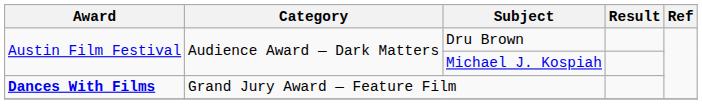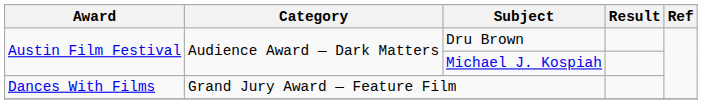 <table class="wikitable">
 <tr>
 <th>Award</th>
 <th>Category</th>
 <th>Subject</th>
 <th>Result</th>
 <th>Ref</th>
 </tr>
 <tr>
 <td rowspan=2><a href='#'>Austin Film Festival</a></td>
 <td rowspan=2>Audience Award — Dark Matters</td>
 <td>Dru Brown</td>
 <td></td>
 <td rowspan=3></td>
 </tr>
 <tr>
 <td><a href='#'>Michael J. Kospiah</a></td>
 <td></td>
 </tr>
 <tr>
-<td><strong><a href='#'>Dances With Films</a></strong></td>
+<td><a href='#'>Dances With Films</a></td>
 <td colspan=2>Grand Jury Award — Feature Film</td>
 <td></td>
 </tr>
 <tr>
 </tr>
 </table>
